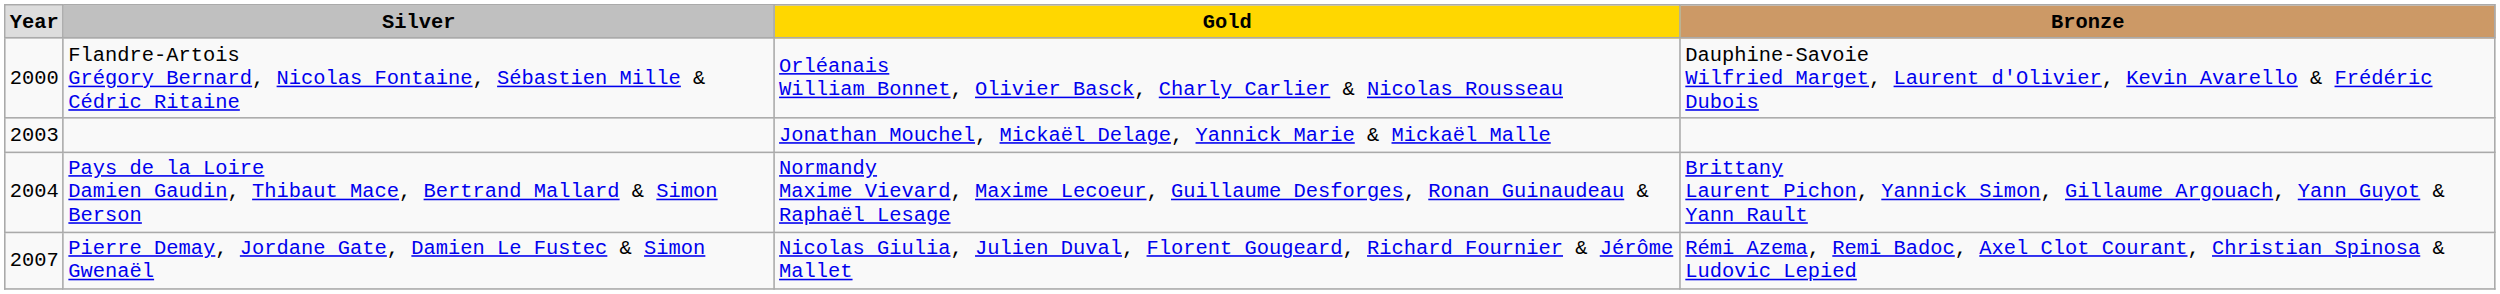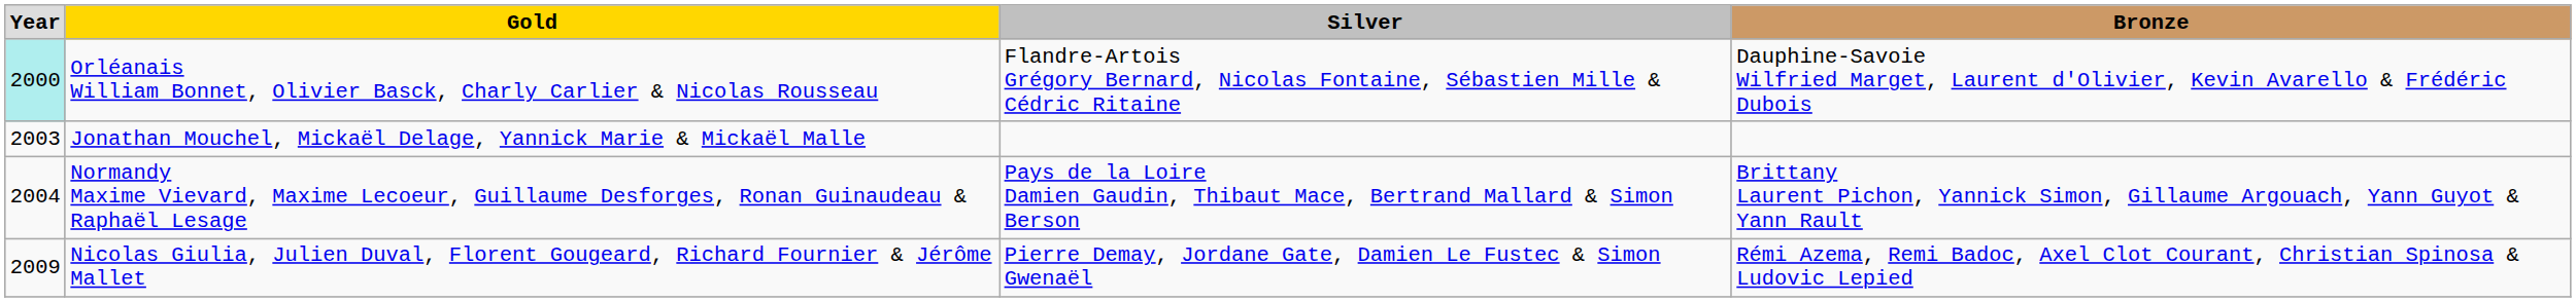 <table class="wikitable" style="width: 80%; text-align:left;">
 <tr>
 <td style="background:#DDDDDD; font-weight:bold; text-align:center;">Year</td>
+<td style="background:gold; font-weight:bold; text-align:center;">Gold</td>
 <td style="background:silver; font-weight:bold; text-align:center;">Silver</td>
-<td style="background:gold; font-weight:bold; text-align:center;">Gold</td>
 <td style="background:#cc9966; font-weight:bold; text-align:center;">Bronze</td>
 </tr>
 <tr>
-<td>2000</td>
+<td style="background: paleturquoise;">2000</td>
+<td><a href='#'>Orléanais</a><br><a href='#'>William Bonnet</a>, <a href='#'>Olivier Basck</a>, <a href='#'>Charly Carlier</a> & <a href='#'>Nicolas Rousseau</a></td>
 <td>Flandre-Artois<br><a href='#'>Grégory Bernard</a>, <a href='#'>Nicolas Fontaine</a>, <a href='#'>Sébastien Mille</a> & <a href='#'>Cédric Ritaine</a></td>
-<td><a href='#'>Orléanais</a><br><a href='#'>William Bonnet</a>, <a href='#'>Olivier Basck</a>, <a href='#'>Charly Carlier</a> & <a href='#'>Nicolas Rousseau</a></td>
 <td>Dauphine-Savoie<br><a href='#'>Wilfried Marget</a>, <a href='#'>Laurent d'Olivier</a>, <a href='#'>Kevin Avarello</a> & <a href='#'>Frédéric Dubois</a></td>
 </tr>
 <tr>
 <td>2003</td>
+<td><a href='#'>Jonathan Mouchel</a>, <a href='#'>Mickaël Delage</a>, <a href='#'>Yannick Marie</a> & <a href='#'>Mickaël Malle</a></td>
 <td></td>
-<td><a href='#'>Jonathan Mouchel</a>, <a href='#'>Mickaël Delage</a>, <a href='#'>Yannick Marie</a> & <a href='#'>Mickaël Malle</a></td>
 <td></td>
 </tr>
 <tr>
 <td>2004</td>
+<td><a href='#'>Normandy</a><br><a href='#'>Maxime Vievard</a>, <a href='#'>Maxime Lecoeur</a>, <a href='#'>Guillaume Desforges</a>, <a href='#'>Ronan Guinaudeau</a> & <a href='#'>Raphaël Lesage</a></td>
 <td><a href='#'>Pays de la Loire</a><br><a href='#'>Damien Gaudin</a>, <a href='#'>Thibaut Mace</a>, <a href='#'>Bertrand Mallard</a> & <a href='#'>Simon Berson</a></td>
-<td><a href='#'>Normandy</a><br><a href='#'>Maxime Vievard</a>, <a href='#'>Maxime Lecoeur</a>, <a href='#'>Guillaume Desforges</a>, <a href='#'>Ronan Guinaudeau</a> & <a href='#'>Raphaël Lesage</a></td>
 <td><a href='#'>Brittany</a><br><a href='#'>Laurent Pichon</a>, <a href='#'>Yannick Simon</a>, <a href='#'>Gillaume Argouach</a>, <a href='#'>Yann Guyot</a> & <a href='#'>Yann Rault</a></td>
 </tr>
 <tr>
-<td>2007</td>
+<td>2009</td>
+<td><a href='#'>Nicolas Giulia</a>, <a href='#'>Julien Duval</a>, <a href='#'>Florent Gougeard</a>, <a href='#'>Richard Fournier</a> & <a href='#'>Jérôme Mallet</a></td>
 <td><a href='#'>Pierre Demay</a>, <a href='#'>Jordane Gate</a>, <a href='#'>Damien Le Fustec</a> & <a href='#'>Simon Gwenaël</a></td>
-<td><a href='#'>Nicolas Giulia</a>, <a href='#'>Julien Duval</a>, <a href='#'>Florent Gougeard</a>, <a href='#'>Richard Fournier</a> & <a href='#'>Jérôme Mallet</a></td>
 <td><a href='#'>Rémi Azema</a>, <a href='#'>Remi Badoc</a>, <a href='#'>Axel Clot Courant</a>, <a href='#'>Christian Spinosa</a> & <a href='#'>Ludovic Lepied</a></td>
 </tr>
 </table>
